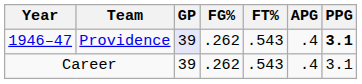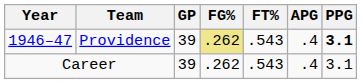 <table class="wikitable sortable" style="font-size:95%; text-align:right;">
 <tr>
 <th>Year</th>
 <th>Team</th>
 <th>GP</th>
 <th>FG%</th>
 <th>FT%</th>
 <th>APG</th>
 <th>PPG</th>
 </tr>
 <tr>
 <td style="text-align:left;"><a href='#'>1946–47</a></td>
 <td style="text-align:left;"><a href='#'>Providence</a></td>
-<td style="background: lavender;">39</td>
-<td>.262</td>
+<td>39</td>
+<td style="background: khaki;">.262</td>
 <td>.543</td>
 <td>.4</td>
 <td><strong>3.1</strong></td>
 </tr>
 <tr>
 <td style="text-align:center;" colspan="2">Career</td>
 <td>39</td>
 <td>.262</td>
 <td>.543</td>
 <td>.4</td>
 <td>3.1</td>
 </tr>
 </table>
